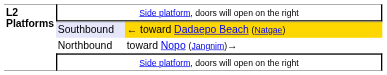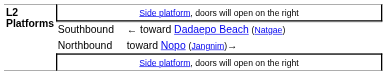 <table table border=0 cellspacing=0 cellpadding=3>
 <tr>
 <td style="border-top:solid 1px gray;border-bottom:solid 1px gray;" width=50 rowspan=10 valign=top><strong>L2<br>Platforms</strong></td>
 <td style="border-top:solid 1px gray;border-right:solid 2px black;border-left:solid 2px black;border-bottom:solid 2px black;text-align:center;" colspan=2><small><a href='#'>Side platform</a>, doors will open on the right</small></td>
 </tr>
 <tr>
-<td style="background: lavender; border-bottom:solid 0px gray;border-top:solid 1px gray;" width=100>Southbound</td>
-<td style="background: gold; border-bottom:solid 0px gray;border-top:solid 1px gray;" width=390>←  toward <a href='#'>Dadaepo Beach</a> <small>(<a href='#'>Natgae</a>)</small></td>
+<td style="border-bottom:solid 0px gray;border-top:solid 1px gray;" width=100>Southbound</td>
+<td style="border-bottom:solid 0px gray;border-top:solid 1px gray;" width=390>←  toward <a href='#'>Dadaepo Beach</a> <small>(<a href='#'>Natgae</a>)</small></td>
 </tr>
 <tr>
 <td>Northbound</td>
 <td>  toward <a href='#'>Nopo</a> <small>(<a href='#'>Jangnim</a>)</small>→</td>
 </tr>
 <tr>
 <td style="border-top:solid 2px black;border-right:solid 2px black;border-left:solid 2px black;border-bottom:solid 1px gray;text-align:center;" colspan=2><small><a href='#'>Side platform</a>, doors will open on the right</small></td>
 </tr>
 </table>
